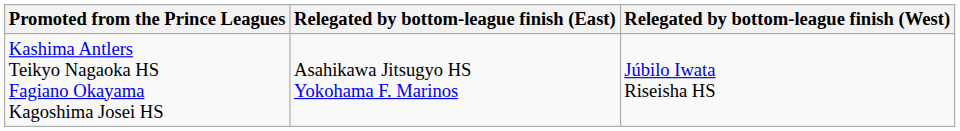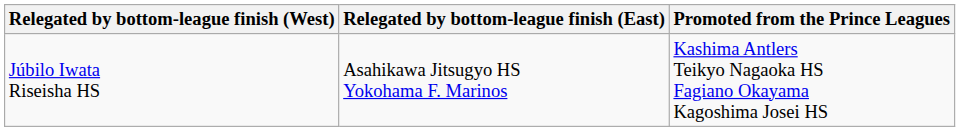 <table class="wikitable">
 <tr>
+<th>Relegated by bottom-league finish (West)</th>
+<th>Relegated by bottom-league finish (East)</th>
 <th>Promoted from the Prince Leagues</th>
-<th>Relegated by bottom-league finish (East)</th>
-<th>Relegated by bottom-league finish (West)</th>
 </tr>
 <tr>
+<td><a href='#'>Júbilo Iwata</a><br>Riseisha HS</td>
+<td>Asahikawa Jitsugyo HS<br><a href='#'>Yokohama F. Marinos</a></td>
 <td><a href='#'>Kashima Antlers</a><br>Teikyo Nagaoka HS<br><a href='#'>Fagiano Okayama</a><br>Kagoshima Josei HS</td>
-<td>Asahikawa Jitsugyo HS<br><a href='#'>Yokohama F. Marinos</a></td>
-<td><a href='#'>Júbilo Iwata</a><br>Riseisha HS</td>
 </tr>
 </table>
